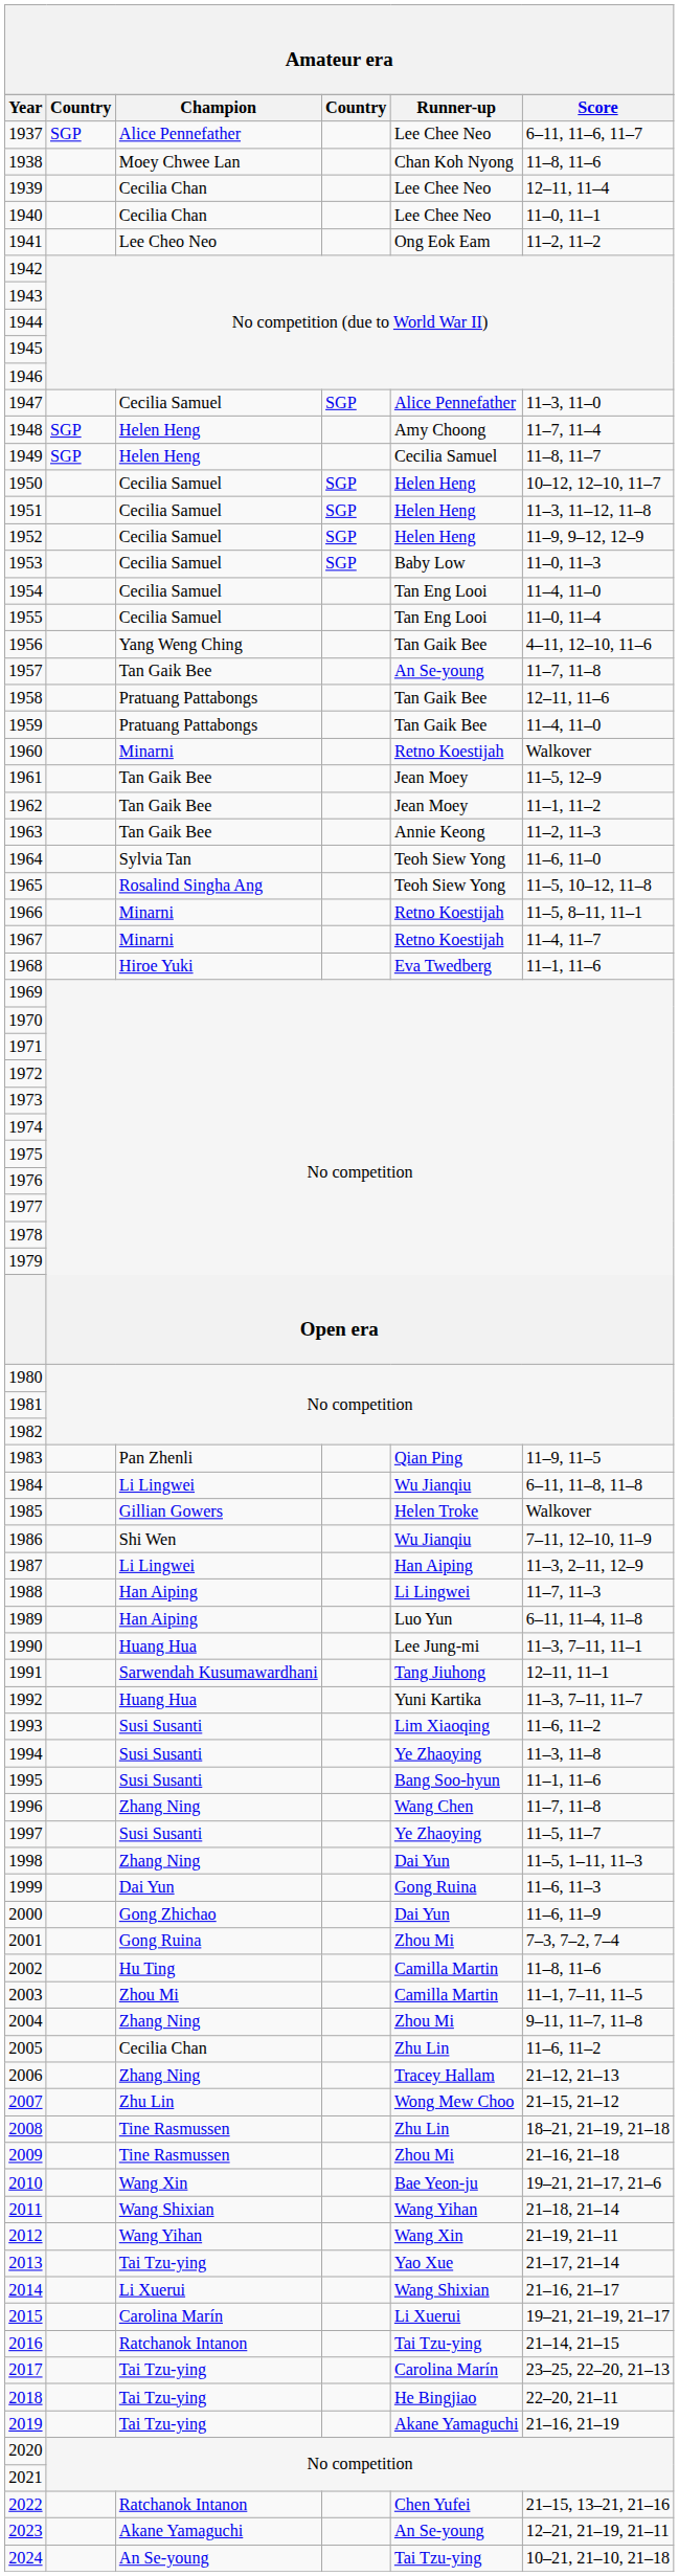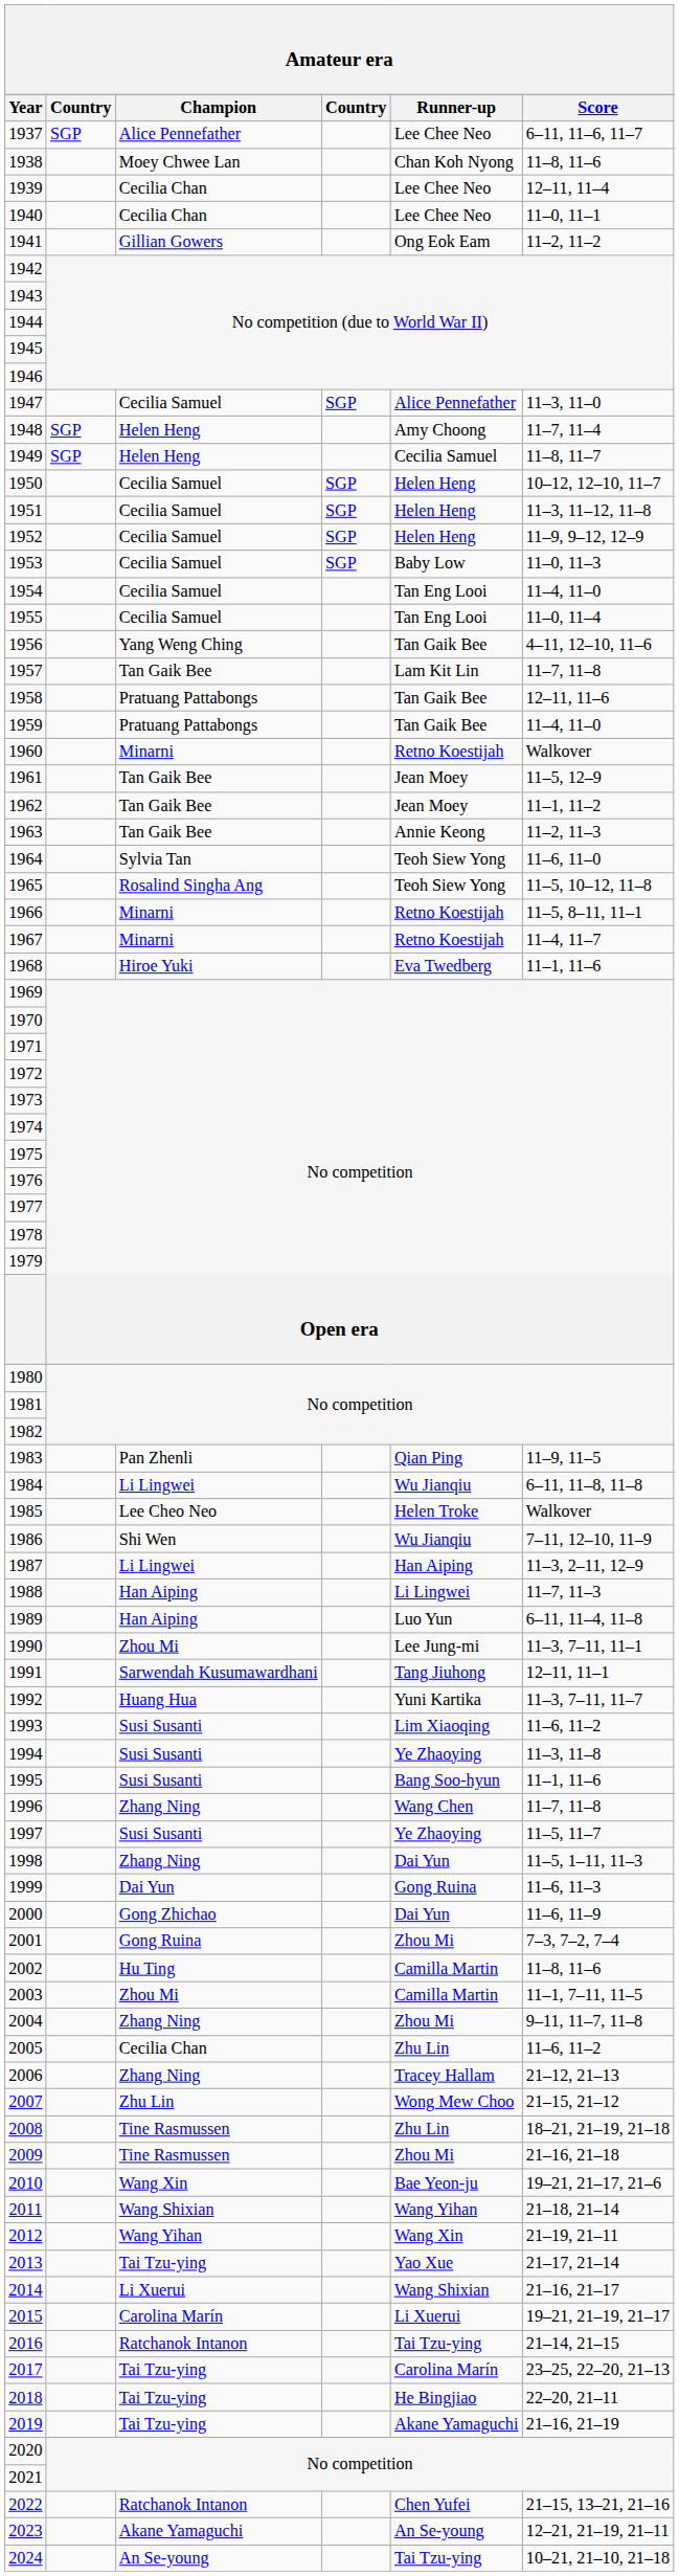 <table class="sortable wikitable">
 <tr>
 <th colspan="6"><br><h3>Amateur era</h3></th>
 </tr>
 <tr>
 </tr>
 <tr>
 <th>Year</th>
 <th>Country</th>
 <th>Champion</th>
 <th>Country</th>
 <th>Runner-up</th>
 <th class="unsortable"><a href='#'>Score</a></th>
 </tr>
 <tr>
 <td align="center">1937</td>
 <td> <a href='#'>SGP</a></td>
 <td><a href='#'>Alice Pennefather</a></td>
 <td></td>
 <td>Lee Chee Neo</td>
 <td>6–11, 11–6, 11–7</td>
 </tr>
 <tr>
 <td align="center">1938</td>
 <td></td>
 <td>Moey Chwee Lan</td>
 <td></td>
 <td>Chan Koh Nyong</td>
 <td>11–8, 11–6</td>
 </tr>
 <tr>
 <td align="center">1939</td>
 <td></td>
 <td>Cecilia Chan</td>
 <td></td>
 <td>Lee Chee Neo</td>
 <td>12–11, 11–4</td>
 </tr>
 <tr>
 <td align="center">1940</td>
 <td></td>
 <td>Cecilia Chan</td>
 <td></td>
 <td>Lee Chee Neo</td>
 <td>11–0, 11–1</td>
 </tr>
 <tr>
 <td align="center">1941</td>
 <td></td>
-<td>Lee Cheo Neo</td>
+<td><a href='#'>Gillian Gowers</a></td>
 <td></td>
 <td>Ong Eok Eam</td>
 <td>11–2, 11–2</td>
 </tr>
 <tr>
 <td align="center">1942</td>
 <td align="center" bgcolor="#f5f5f5" rowspan="5" colspan="5">No competition (due to <a href='#'>World War II</a>)</td>
 </tr>
 <tr>
 <td align="center">1943</td>
 </tr>
 <tr>
 <td align="center">1944</td>
 </tr>
 <tr>
 <td align="center">1945</td>
 </tr>
 <tr>
 <td align="center">1946</td>
 </tr>
 <tr>
 <td align="center">1947</td>
 <td></td>
 <td>Cecilia Samuel</td>
 <td> <a href='#'>SGP</a></td>
 <td><a href='#'>Alice Pennefather</a></td>
 <td>11–3, 11–0</td>
 </tr>
 <tr>
 <td align="center">1948</td>
 <td> <a href='#'>SGP</a></td>
 <td><a href='#'>Helen Heng</a></td>
 <td></td>
 <td>Amy Choong</td>
 <td>11–7, 11–4</td>
 </tr>
 <tr>
 <td align="center">1949</td>
 <td> <a href='#'>SGP</a></td>
 <td><a href='#'>Helen Heng</a></td>
 <td></td>
 <td>Cecilia Samuel</td>
 <td>11–8, 11–7</td>
 </tr>
 <tr>
 <td align="center">1950</td>
 <td></td>
 <td>Cecilia Samuel</td>
 <td> <a href='#'>SGP</a></td>
 <td><a href='#'>Helen Heng</a></td>
 <td>10–12, 12–10, 11–7</td>
 </tr>
 <tr>
 <td align="center">1951</td>
 <td></td>
 <td>Cecilia Samuel</td>
 <td> <a href='#'>SGP</a></td>
 <td><a href='#'>Helen Heng</a></td>
 <td>11–3, 11–12, 11–8</td>
 </tr>
 <tr>
 <td align="center">1952</td>
 <td></td>
 <td>Cecilia Samuel</td>
 <td> <a href='#'>SGP</a></td>
 <td><a href='#'>Helen Heng</a></td>
 <td>11–9, 9–12, 12–9</td>
 </tr>
 <tr>
 <td align="center">1953</td>
 <td></td>
 <td>Cecilia Samuel</td>
 <td> <a href='#'>SGP</a></td>
 <td>Baby Low</td>
 <td>11–0, 11–3</td>
 </tr>
 <tr>
 <td align="center">1954</td>
 <td></td>
 <td>Cecilia Samuel</td>
 <td></td>
 <td>Tan Eng Looi</td>
 <td>11–4, 11–0</td>
 </tr>
 <tr>
 <td align="center">1955</td>
 <td></td>
 <td>Cecilia Samuel</td>
 <td></td>
 <td>Tan Eng Looi</td>
 <td>11–0, 11–4</td>
 </tr>
 <tr>
 <td align="center">1956</td>
 <td></td>
 <td>Yang Weng Ching</td>
 <td></td>
 <td>Tan Gaik Bee</td>
 <td>4–11, 12–10, 11–6</td>
 </tr>
 <tr>
 <td align="center">1957</td>
 <td></td>
 <td>Tan Gaik Bee</td>
 <td></td>
-<td><a href='#'>An Se-young</a></td>
+<td>Lam Kit Lin</td>
 <td>11–7, 11–8</td>
 </tr>
 <tr>
 <td align="center">1958</td>
 <td></td>
 <td>Pratuang Pattabongs</td>
 <td></td>
 <td>Tan Gaik Bee</td>
 <td>12–11, 11–6</td>
 </tr>
 <tr>
 <td align="center">1959</td>
 <td></td>
 <td>Pratuang Pattabongs</td>
 <td></td>
 <td>Tan Gaik Bee</td>
 <td>11–4, 11–0</td>
 </tr>
 <tr>
 <td align="center">1960</td>
 <td></td>
 <td><a href='#'>Minarni</a></td>
 <td></td>
 <td><a href='#'>Retno Koestijah</a></td>
 <td>Walkover</td>
 </tr>
 <tr>
 <td align="center">1961</td>
 <td></td>
 <td>Tan Gaik Bee</td>
 <td></td>
 <td>Jean Moey</td>
 <td>11–5, 12–9</td>
 </tr>
 <tr>
 <td align="center">1962</td>
 <td></td>
 <td>Tan Gaik Bee</td>
 <td></td>
 <td>Jean Moey</td>
 <td>11–1, 11–2</td>
 </tr>
 <tr>
 <td align="center">1963</td>
 <td></td>
 <td>Tan Gaik Bee</td>
 <td></td>
 <td>Annie Keong</td>
 <td>11–2, 11–3</td>
 </tr>
 <tr>
 <td align="center">1964</td>
 <td></td>
 <td>Sylvia Tan</td>
 <td></td>
 <td>Teoh Siew Yong</td>
 <td>11–6, 11–0</td>
 </tr>
 <tr>
 <td align="center">1965</td>
 <td></td>
 <td><a href='#'>Rosalind Singha Ang</a></td>
 <td></td>
 <td>Teoh Siew Yong</td>
 <td>11–5, 10–12, 11–8</td>
 </tr>
 <tr>
 <td align="center">1966</td>
 <td></td>
 <td><a href='#'>Minarni</a></td>
 <td></td>
 <td><a href='#'>Retno Koestijah</a></td>
 <td>11–5, 8–11, 11–1</td>
 </tr>
 <tr>
 <td align="center">1967</td>
 <td></td>
 <td><a href='#'>Minarni</a></td>
 <td></td>
 <td><a href='#'>Retno Koestijah</a></td>
 <td>11–4, 11–7</td>
 </tr>
 <tr>
 <td align="center">1968</td>
 <td></td>
 <td><a href='#'>Hiroe Yuki</a></td>
 <td></td>
 <td><a href='#'>Eva Twedberg</a></td>
 <td>11–1, 11–6</td>
 </tr>
 <tr>
 <td align="center">1969</td>
 <td align="center" bgcolor="#f5f5f5" rowspan="12" colspan="5">No competition</td>
 </tr>
 <tr>
 <td align="center">1970</td>
 </tr>
 <tr>
 <td align="center">1971</td>
 </tr>
 <tr>
 <td align="center">1972</td>
 </tr>
 <tr>
 <td align="center">1973</td>
 </tr>
 <tr>
 <td align="center">1974</td>
 </tr>
 <tr>
 <td align="center">1975</td>
 </tr>
 <tr>
 <td align="center">1976</td>
 </tr>
 <tr>
 <td align="center">1977</td>
 </tr>
 <tr>
 <td align="center">1978</td>
 </tr>
 <tr>
 <td align="center">1979</td>
 </tr>
 <tr>
 <th colspan="6"><br><h3>Open era</h3></th>
 </tr>
 <tr>
 <td align="center">1980</td>
 <td align="center" bgcolor="#f5f5f5" rowspan="3" colspan="5">No competition</td>
 </tr>
 <tr>
 <td align="center">1981</td>
 </tr>
 <tr>
 <td align="center">1982</td>
 </tr>
 <tr>
 <td align="center">1983</td>
 <td></td>
 <td>Pan Zhenli</td>
 <td></td>
 <td><a href='#'>Qian Ping</a></td>
 <td>11–9, 11–5</td>
 </tr>
 <tr>
 <td align="center">1984</td>
 <td></td>
 <td><a href='#'>Li Lingwei</a></td>
 <td></td>
 <td><a href='#'>Wu Jianqiu</a></td>
 <td>6–11, 11–8, 11–8</td>
 </tr>
 <tr>
 <td align="center">1985</td>
 <td></td>
-<td><a href='#'>Gillian Gowers</a></td>
+<td>Lee Cheo Neo</td>
 <td></td>
 <td><a href='#'>Helen Troke</a></td>
 <td>Walkover</td>
 </tr>
 <tr>
 <td align="center">1986</td>
 <td></td>
 <td>Shi Wen</td>
 <td></td>
 <td><a href='#'>Wu Jianqiu</a></td>
 <td>7–11, 12–10, 11–9</td>
 </tr>
 <tr>
 <td align="center">1987</td>
 <td></td>
 <td><a href='#'>Li Lingwei</a></td>
 <td></td>
 <td><a href='#'>Han Aiping</a></td>
 <td>11–3, 2–11, 12–9</td>
 </tr>
 <tr>
 <td align="center">1988</td>
 <td></td>
 <td><a href='#'>Han Aiping</a></td>
 <td></td>
 <td><a href='#'>Li Lingwei</a></td>
 <td>11–7, 11–3</td>
 </tr>
 <tr>
 <td align="center">1989</td>
 <td></td>
 <td><a href='#'>Han Aiping</a></td>
 <td></td>
 <td>Luo Yun</td>
 <td>6–11, 11–4, 11–8</td>
 </tr>
 <tr>
 <td align="center">1990</td>
 <td></td>
-<td><a href='#'>Huang Hua</a></td>
+<td><a href='#'>Zhou Mi</a></td>
 <td></td>
 <td>Lee Jung-mi</td>
 <td>11–3, 7–11, 11–1</td>
 </tr>
 <tr>
 <td align="center">1991</td>
 <td></td>
 <td><a href='#'>Sarwendah Kusumawardhani</a></td>
 <td></td>
 <td><a href='#'>Tang Jiuhong</a></td>
 <td>12–11, 11–1</td>
 </tr>
 <tr>
 <td align="center">1992</td>
 <td></td>
 <td><a href='#'>Huang Hua</a></td>
 <td></td>
 <td>Yuni Kartika</td>
 <td>11–3, 7–11, 11–7</td>
 </tr>
 <tr>
 <td align="center">1993</td>
 <td></td>
 <td><a href='#'>Susi Susanti</a></td>
 <td></td>
 <td><a href='#'>Lim Xiaoqing</a></td>
 <td>11–6, 11–2</td>
 </tr>
 <tr>
 <td align="center">1994</td>
 <td></td>
 <td><a href='#'>Susi Susanti</a></td>
 <td></td>
 <td><a href='#'>Ye Zhaoying</a></td>
 <td>11–3, 11–8</td>
 </tr>
 <tr>
 <td align="center">1995</td>
 <td></td>
 <td><a href='#'>Susi Susanti</a></td>
 <td></td>
 <td><a href='#'>Bang Soo-hyun</a></td>
 <td>11–1, 11–6</td>
 </tr>
 <tr>
 <td align="center">1996</td>
 <td></td>
 <td><a href='#'>Zhang Ning</a></td>
 <td></td>
 <td><a href='#'>Wang Chen</a></td>
 <td>11–7, 11–8</td>
 </tr>
 <tr>
 <td align="center">1997</td>
 <td></td>
 <td><a href='#'>Susi Susanti</a></td>
 <td></td>
 <td><a href='#'>Ye Zhaoying</a></td>
 <td>11–5, 11–7</td>
 </tr>
 <tr>
 <td align="center">1998</td>
 <td></td>
 <td><a href='#'>Zhang Ning</a></td>
 <td></td>
 <td><a href='#'>Dai Yun</a></td>
 <td>11–5, 1–11, 11–3</td>
 </tr>
 <tr>
 <td align="center">1999</td>
 <td></td>
 <td><a href='#'>Dai Yun</a></td>
 <td></td>
 <td><a href='#'>Gong Ruina</a></td>
 <td>11–6, 11–3</td>
 </tr>
 <tr>
 <td align="center">2000</td>
 <td></td>
 <td><a href='#'>Gong Zhichao</a></td>
 <td></td>
 <td><a href='#'>Dai Yun</a></td>
 <td>11–6, 11–9</td>
 </tr>
 <tr>
 <td align="center">2001</td>
 <td></td>
 <td><a href='#'>Gong Ruina</a></td>
 <td></td>
 <td><a href='#'>Zhou Mi</a></td>
 <td>7–3, 7–2, 7–4</td>
 </tr>
 <tr>
 <td align="center">2002</td>
 <td></td>
 <td><a href='#'>Hu Ting</a></td>
 <td></td>
 <td><a href='#'>Camilla Martin</a></td>
 <td>11–8, 11–6</td>
 </tr>
 <tr>
 <td align="center">2003</td>
 <td></td>
 <td><a href='#'>Zhou Mi</a></td>
 <td></td>
 <td><a href='#'>Camilla Martin</a></td>
 <td>11–1, 7–11, 11–5</td>
 </tr>
 <tr>
 <td align="center">2004</td>
 <td></td>
 <td><a href='#'>Zhang Ning</a></td>
 <td></td>
 <td><a href='#'>Zhou Mi</a></td>
 <td>9–11, 11–7, 11–8</td>
 </tr>
 <tr>
 <td align="center">2005</td>
 <td></td>
 <td>Cecilia Chan</td>
 <td></td>
 <td><a href='#'>Zhu Lin</a></td>
 <td>11–6, 11–2</td>
 </tr>
 <tr>
 <td align="center">2006</td>
 <td></td>
 <td><a href='#'>Zhang Ning</a></td>
 <td></td>
 <td><a href='#'>Tracey Hallam</a></td>
 <td>21–12, 21–13</td>
 </tr>
 <tr>
 <td align="center"><a href='#'>2007</a></td>
 <td></td>
 <td><a href='#'>Zhu Lin</a></td>
 <td></td>
 <td><a href='#'>Wong Mew Choo</a></td>
 <td>21–15, 21–12</td>
 </tr>
 <tr>
 <td align="center"><a href='#'>2008</a></td>
 <td></td>
 <td><a href='#'>Tine Rasmussen</a></td>
 <td></td>
 <td><a href='#'>Zhu Lin</a></td>
 <td>18–21, 21–19, 21–18</td>
 </tr>
 <tr>
 <td align="center"><a href='#'>2009</a></td>
 <td></td>
 <td><a href='#'>Tine Rasmussen</a></td>
 <td></td>
 <td><a href='#'>Zhou Mi</a></td>
 <td>21–16, 21–18</td>
 </tr>
 <tr>
 <td align="center"><a href='#'>2010</a></td>
 <td></td>
 <td><a href='#'>Wang Xin</a></td>
 <td></td>
 <td><a href='#'>Bae Yeon-ju</a></td>
 <td>19–21, 21–17, 21–6</td>
 </tr>
 <tr>
 <td align="center"><a href='#'>2011</a></td>
 <td></td>
 <td><a href='#'>Wang Shixian</a></td>
 <td></td>
 <td><a href='#'>Wang Yihan</a></td>
 <td>21–18, 21–14</td>
 </tr>
 <tr>
 <td align="center"><a href='#'>2012</a></td>
 <td></td>
 <td><a href='#'>Wang Yihan</a></td>
 <td></td>
 <td><a href='#'>Wang Xin</a></td>
 <td>21–19, 21–11</td>
 </tr>
 <tr>
 <td align="center"><a href='#'>2013</a></td>
 <td></td>
 <td><a href='#'>Tai Tzu-ying</a></td>
 <td></td>
 <td><a href='#'>Yao Xue</a></td>
 <td>21–17, 21–14</td>
 </tr>
 <tr>
 <td align="center"><a href='#'>2014</a></td>
 <td></td>
 <td><a href='#'>Li Xuerui</a></td>
 <td></td>
 <td><a href='#'>Wang Shixian</a></td>
 <td>21–16, 21–17</td>
 </tr>
 <tr>
 <td align="center"><a href='#'>2015</a></td>
 <td></td>
 <td><a href='#'>Carolina Marín</a></td>
 <td></td>
 <td><a href='#'>Li Xuerui</a></td>
 <td>19–21, 21–19, 21–17</td>
 </tr>
 <tr>
 <td align="center"><a href='#'>2016</a></td>
 <td></td>
 <td><a href='#'>Ratchanok Intanon</a></td>
 <td></td>
 <td><a href='#'>Tai Tzu-ying</a></td>
 <td>21–14, 21–15</td>
 </tr>
 <tr>
 <td align="center"><a href='#'>2017</a></td>
 <td></td>
 <td><a href='#'>Tai Tzu-ying</a></td>
 <td></td>
 <td><a href='#'>Carolina Marín</a></td>
 <td>23–25, 22–20, 21–13</td>
 </tr>
 <tr>
 <td align="center"><a href='#'>2018</a></td>
 <td></td>
 <td><a href='#'>Tai Tzu-ying</a></td>
 <td></td>
 <td><a href='#'>He Bingjiao</a></td>
 <td>22–20, 21–11</td>
 </tr>
 <tr>
 <td align="center"><a href='#'>2019</a></td>
 <td></td>
 <td><a href='#'>Tai Tzu-ying</a></td>
 <td></td>
 <td><a href='#'>Akane Yamaguchi</a></td>
 <td>21–16, 21–19</td>
 </tr>
 <tr>
 <td align="center">2020</td>
 <td align="center" bgcolor="#f5f5f5" rowspan="2" colspan="5">No competition</td>
 </tr>
 <tr>
 <td align="center">2021</td>
 </tr>
 <tr>
 <td align="center"><a href='#'>2022</a></td>
 <td></td>
 <td><a href='#'>Ratchanok Intanon</a></td>
 <td></td>
 <td><a href='#'>Chen Yufei</a></td>
 <td>21–15, 13–21, 21–16</td>
 </tr>
 <tr>
 <td align="center"><a href='#'>2023</a></td>
 <td></td>
 <td><a href='#'>Akane Yamaguchi</a></td>
 <td></td>
 <td><a href='#'>An Se-young</a></td>
 <td>12–21, 21–19, 21–11</td>
 </tr>
 <tr>
 <td align="center"><a href='#'>2024</a></td>
 <td></td>
 <td><a href='#'>An Se-young</a></td>
 <td></td>
 <td><a href='#'>Tai Tzu-ying</a></td>
 <td>10–21, 21–10, 21–18</td>
 </tr>
 </table>
